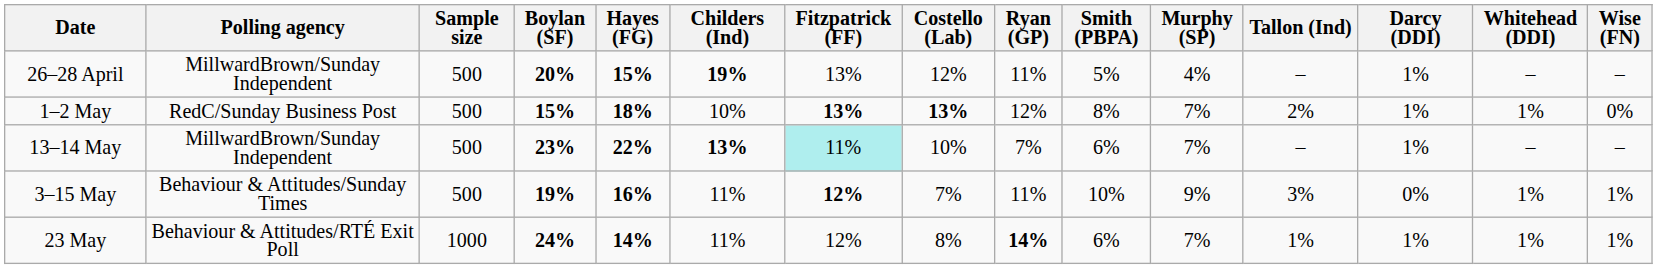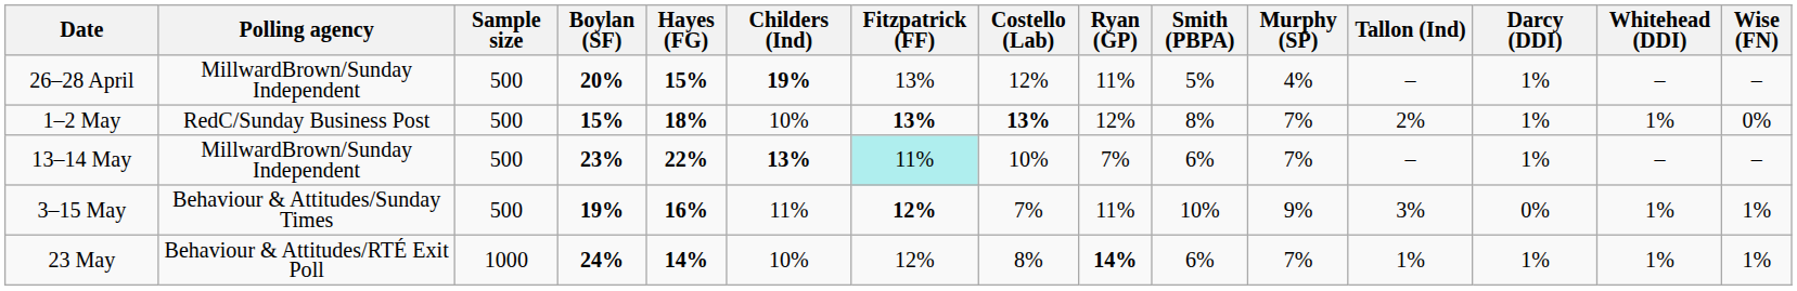 <table class="wikitable sortable" style="text-align:center;font-size:95%;line-height:14px">
 <tr>
 <th ! style="width:100px;">Date</th>
 <th ! style="width:200px;">Polling agency</th>
 <th ! class="unsortable" style="width:65px;">Sample size</th>
 <th ! class="unsortable" style="background:"><span>Boylan (SF)</span></th>
 <th ! class="unsortable" style="background:">Hayes (FG)</th>
 <th ! class="unsortable" style="width:80px;">Childers (Ind)</th>
 <th ! class="unsortable" style="background:">Fitzpatrick (FF)</th>
 <th ! class="unsortable" style="background:"><span>Costello (Lab)</span></th>
 <th ! class="unsortable" style="background:">Ryan (GP)</th>
 <th ! class="unsortable" style="background:"><span>Smith (PBPA)</span></th>
 <th ! class="unsortable" style="background:">Murphy (SP)</th>
 <th ! class="unsortable" style="width:80px;">Tallon (Ind)</th>
 <th ! class="unsortable" style="width:80px;">Darcy (DDI)</th>
 <th ! class="unsortable" style="width:80px;">Whitehead (DDI)</th>
 <th ! class="unsortable" style="background:">Wise (FN)</th>
 </tr>
 <tr>
 <td data-sort-value="2014-04-28">26–28 April</td>
 <td>MillwardBrown/Sunday Independent</td>
 <td>500</td>
 <td><strong>20%</strong></td>
 <td><strong>15%</strong></td>
 <td><strong>19%</strong></td>
 <td>13%</td>
 <td>12%</td>
 <td>11%</td>
 <td>5%</td>
 <td>4%</td>
 <td>–</td>
 <td>1%</td>
 <td>–</td>
 <td>–</td>
 </tr>
 <tr>
 <td data-sort-value="2014-04-16">1–2 May</td>
 <td>RedC/Sunday Business Post</td>
 <td>500</td>
 <td><strong>15%</strong></td>
 <td><strong>18%</strong></td>
 <td>10%</td>
 <td><strong>13%</strong></td>
 <td><strong>13%</strong></td>
 <td>12%</td>
 <td>8%</td>
 <td>7%</td>
 <td>2%</td>
 <td>1%</td>
 <td>1%</td>
 <td>0%</td>
 </tr>
 <tr>
 <td data-sort-value="2014-04-17">13–14 May</td>
 <td>MillwardBrown/Sunday Independent</td>
 <td>500</td>
 <td><strong>23%</strong></td>
 <td><strong>22%</strong></td>
 <td><strong>13%</strong></td>
 <td style="background: paleturquoise;">11%</td>
 <td>10%</td>
 <td>7%</td>
 <td>6%</td>
 <td>7%</td>
 <td>–</td>
 <td>1%</td>
 <td>–</td>
 <td>–</td>
 </tr>
 <tr>
 <td data-sort-value="2014-05-17">3–15 May</td>
 <td>Behaviour & Attitudes/Sunday Times</td>
 <td>500</td>
 <td><strong>19%</strong></td>
 <td><strong>16%</strong></td>
 <td>11%</td>
 <td><strong>12%</strong></td>
 <td>7%</td>
 <td>11%</td>
 <td>10%</td>
 <td>9%</td>
 <td>3%</td>
 <td>0%</td>
 <td>1%</td>
 <td>1%</td>
 </tr>
 <tr>
 <td data-sort-value="2014-05-17">23 May</td>
 <td>Behaviour & Attitudes/RTÉ Exit Poll</td>
 <td>1000</td>
 <td><strong>24%</strong></td>
 <td><strong>14%</strong></td>
-<td>11%</td>
+<td>10%</td>
 <td>12%</td>
 <td>8%</td>
 <td><strong>14%</strong></td>
 <td>6%</td>
 <td>7%</td>
 <td>1%</td>
 <td>1%</td>
 <td>1%</td>
 <td>1%</td>
 </tr>
 </table>
